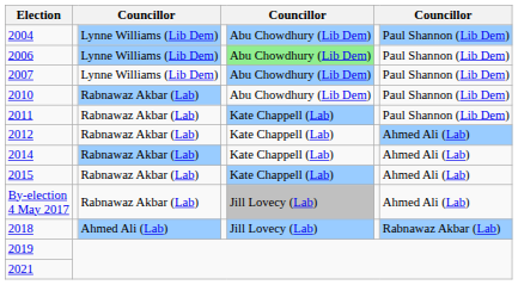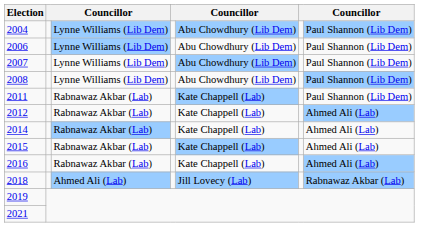 <table class="wikitable">
 <tr>
 <th>Election</th>
 <th colspan="2">Councillor</th>
 <th colspan="2">Councillor</th>
 <th colspan="2">Councillor</th>
 </tr>
 <tr>
 <td><a href='#'>2004</a></td>
 <td style="background-color: "></td>
 <td bgcolor="#99CCFF">Lynne Williams (<a href='#'>Lib Dem</a>)</td>
 <td style="background-color: "></td>
 <td bgcolor="#99CCFF">Abu Chowdhury (<a href='#'>Lib Dem</a>)</td>
 <td style="background-color: "></td>
 <td bgcolor="#99CCFF">Paul Shannon (<a href='#'>Lib Dem</a>)</td>
 </tr>
 <tr>
 <td><a href='#'>2006</a></td>
 <td style="background-color: "></td>
 <td bgcolor="#99CCFF">Lynne Williams (<a href='#'>Lib Dem</a>)</td>
 <td style="background-color: "></td>
-<td style="background: lightgreen;">Abu Chowdhury (<a href='#'>Lib Dem</a>)</td>
+<td>Abu Chowdhury (<a href='#'>Lib Dem</a>)</td>
 <td style="background-color: "></td>
 <td>Paul Shannon (<a href='#'>Lib Dem</a>)</td>
 </tr>
 <tr>
 <td><a href='#'>2007</a></td>
 <td style="background-color: "></td>
 <td>Lynne Williams (<a href='#'>Lib Dem</a>)</td>
 <td style="background-color: "></td>
 <td bgcolor="#99CCFF">Abu Chowdhury (<a href='#'>Lib Dem</a>)</td>
 <td style="background-color: "></td>
 <td>Paul Shannon (<a href='#'>Lib Dem</a>)</td>
 </tr>
 <tr>
-<td><a href='#'>2010</a></td>
+<td><a href='#'>2008</a></td>
 <td style="background-color: "></td>
-<td bgcolor="#99CCFF">Rabnawaz Akbar (<a href='#'>Lab</a>)</td>
+<td>Lynne Williams (<a href='#'>Lib Dem</a>)</td>
 <td style="background-color: "></td>
 <td>Abu Chowdhury (<a href='#'>Lib Dem</a>)</td>
 <td style="background-color: "></td>
-<td>Paul Shannon (<a href='#'>Lib Dem</a>)</td>
+<td bgcolor="#99CCFF">Paul Shannon (<a href='#'>Lib Dem</a>)</td>
 </tr>
 <tr>
 <td><a href='#'>2011</a></td>
 <td style="background-color: "></td>
 <td>Rabnawaz Akbar (<a href='#'>Lab</a>)</td>
 <td style="background-color: "></td>
 <td bgcolor="#99CCFF">Kate Chappell (<a href='#'>Lab</a>)</td>
 <td style="background-color: "></td>
 <td>Paul Shannon (<a href='#'>Lib Dem</a>)</td>
 </tr>
 <tr>
 <td><a href='#'>2012</a></td>
 <td style="background-color: "></td>
 <td>Rabnawaz Akbar (<a href='#'>Lab</a>)</td>
 <td style="background-color: "></td>
 <td>Kate Chappell (<a href='#'>Lab</a>)</td>
 <td style="background-color: "></td>
 <td bgcolor="#99CCFF">Ahmed Ali (<a href='#'>Lab</a>)</td>
 </tr>
 <tr>
 <td><a href='#'>2014</a></td>
 <td style="background-color: "></td>
 <td bgcolor="#99CCFF">Rabnawaz Akbar (<a href='#'>Lab</a>)</td>
 <td style="background-color: "></td>
 <td>Kate Chappell (<a href='#'>Lab</a>)</td>
 <td style="background-color: "></td>
 <td>Ahmed Ali (<a href='#'>Lab</a>)</td>
 </tr>
 <tr>
 <td><a href='#'>2015</a></td>
 <td style="background-color: "></td>
 <td>Rabnawaz Akbar (<a href='#'>Lab</a>)</td>
 <td style="background-color: "></td>
 <td bgcolor="#99CCFF">Kate Chappell (<a href='#'>Lab</a>)</td>
 <td style="background-color: "></td>
 <td>Ahmed Ali (<a href='#'>Lab</a>)</td>
 </tr>
 <tr>
-<td><a href='#'>By-election<br>4 May 2017</a></td>
+<td><a href='#'>2016</a></td>
 <td style="background-color: "></td>
 <td>Rabnawaz Akbar (<a href='#'>Lab</a>)</td>
 <td style="background-color: "></td>
-<td bgcolor="#C0C0C0">Jill Lovecy (<a href='#'>Lab</a>)</td>
+<td>Kate Chappell (<a href='#'>Lab</a>)</td>
 <td style="background-color: "></td>
-<td>Ahmed Ali (<a href='#'>Lab</a>)</td>
+<td bgcolor="#99CCFF">Ahmed Ali (<a href='#'>Lab</a>)</td>
 </tr>
 <tr>
 <td><a href='#'>2018</a></td>
 <td style="background-color: "></td>
 <td bgcolor="#99CCFF">Ahmed Ali (<a href='#'>Lab</a>)</td>
 <td style="background-color: "></td>
 <td bgcolor="#99CCFF">Jill Lovecy (<a href='#'>Lab</a>)</td>
 <td style="background-color: "></td>
 <td bgcolor="#99CCFF">Rabnawaz Akbar (<a href='#'>Lab</a>)</td>
 </tr>
 <tr>
 <td><a href='#'>2019</a><br>  </td>
 </tr>
 <tr>
 <td><a href='#'>2021</a><br>  </td>
 </tr>
 </table>
